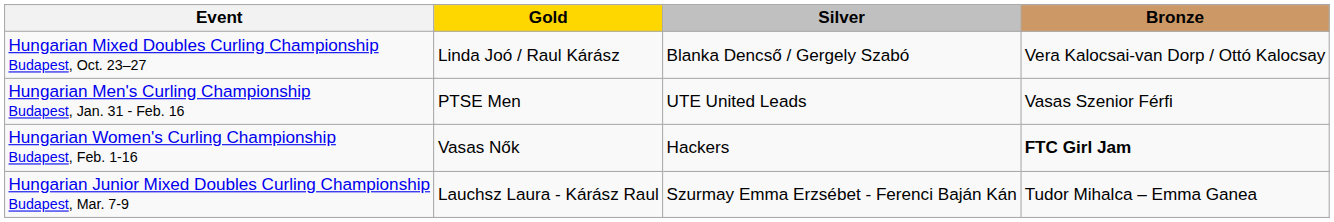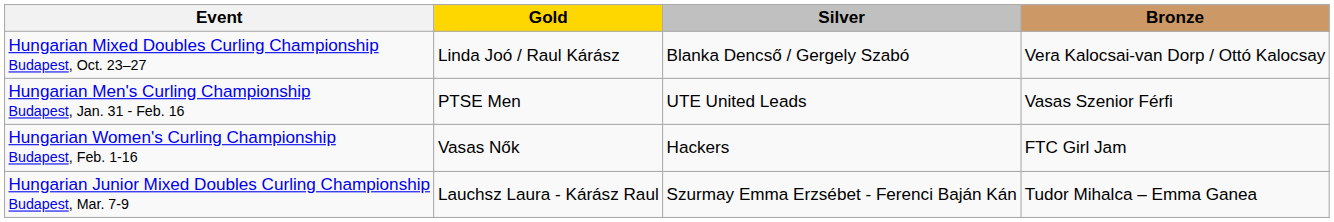 <table class="wikitable">
 <tr>
 <th colspan="2">Event</th>
 <th style="background:gold">Gold</th>
 <th style="background:silver">Silver</th>
 <th style="background:#cc9966">Bronze</th>
 </tr>
 <tr>
 <td colspan="2"><a href='#'>Hungarian Mixed Doubles Curling Championship</a> <br> <small><a href='#'>Budapest</a>, Oct. 23–27</small></td>
 <td>Linda Joó / Raul Kárász</td>
 <td>Blanka Dencső / Gergely Szabó</td>
 <td>Vera Kalocsai-van Dorp / Ottó Kalocsay</td>
 </tr>
 <tr>
 <td colspan="2"><a href='#'>Hungarian Men's Curling Championship</a> <br> <small><a href='#'>Budapest</a>, Jan. 31 - Feb. 16</small></td>
 <td>PTSE Men</td>
 <td>UTE United Leads</td>
 <td>Vasas Szenior Férfi</td>
 </tr>
 <tr>
 <td colspan="2"><a href='#'>Hungarian Women's Curling Championship</a> <br> <small><a href='#'>Budapest</a>, Feb. 1-16</small></td>
 <td>Vasas Nők</td>
 <td>Hackers</td>
-<td><strong>FTC Girl Jam</strong></td>
+<td>FTC Girl Jam</td>
 </tr>
 <tr>
 <td colspan="2"><a href='#'>Hungarian Junior Mixed Doubles Curling Championship</a> <br> <small><a href='#'>Budapest</a>, Mar. 7-9</small></td>
 <td>Lauchsz Laura - Kárász Raul</td>
 <td>Szurmay Emma Erzsébet - Ferenci Baján Kán</td>
 <td>Tudor Mihalca – Emma Ganea</td>
 </tr>
 </table>
